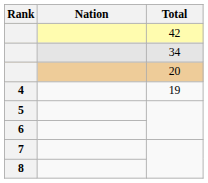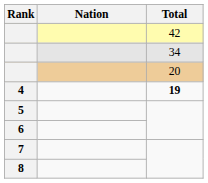 <table class="wikitable sortable" style="text-align:center; font-size:85%">
 <tr>
 <th scope="col" style="width:25px;">Rank</th>
 <th ! scope="col" style="width:120px;">Nation</th>
 <th ! scope="col" style="width:60px;">Total</th>
 </tr>
 <tr bgcolor=fffcaf>
 <th scope=row></th>
 <td align=left></td>
 <td>42</td>
 </tr>
 <tr bgcolor=e5e5e5>
 <th scope=row></th>
 <td align=left></td>
 <td>34</td>
 </tr>
 <tr bgcolor=eecc99>
 <th scope=row></th>
 <td align=left></td>
 <td>20</td>
 </tr>
 <tr>
 <th scope=row>4</th>
 <td align=left></td>
-<td>19</td>
+<td><strong>19</strong></td>
 </tr>
 <tr>
 <th scope=row>5</th>
 <td align=left></td>
 <td rowspan=2></td>
 </tr>
 <tr>
 <th scope=row>6</th>
 <td align=left></td>
 </tr>
 <tr>
 <th scope=row>7</th>
 <td align=left></td>
 <td rowspan=2></td>
 </tr>
 <tr>
 <th scope=row>8</th>
 <td align=left></td>
 </tr>
 </table>
